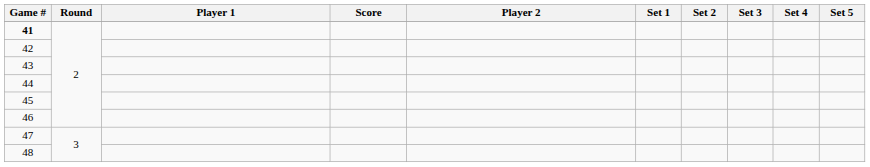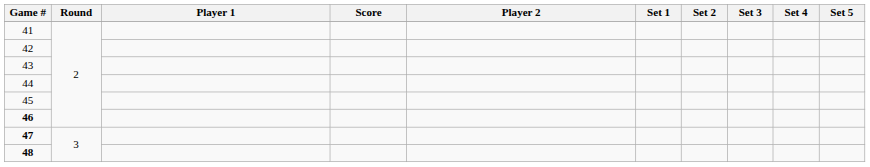 <table class="wikitable">
 <tr>
 <th width="2%">Game #</th>
 <th width="2%">Round</th>
 <th width="15%">Player 1</th>
 <th width="5%">Score</th>
 <th width="15%">Player 2</th>
 <th width="3%">Set 1</th>
 <th width="3%">Set 2</th>
 <th width="3%">Set 3</th>
 <th width="3%">Set 4</th>
 <th width="3%">Set 5</th>
 </tr>
 <tr style=text-align:center;>
 </tr>
 <tr style=text-align:center;>
-<td><strong>41</strong></td>
+<td>41</td>
 <td rowspan=6>2</td>
 <td></td>
 <td></td>
 <td></td>
 <td></td>
 <td></td>
 <td></td>
 <td></td>
 <td></td>
 </tr>
 <tr style=text-align:center;>
 <td>42</td>
 <td></td>
 <td></td>
 <td></td>
 <td></td>
 <td></td>
 <td></td>
 <td></td>
 <td></td>
 </tr>
 <tr style=text-align:center;>
 <td>43</td>
 <td></td>
 <td></td>
 <td></td>
 <td></td>
 <td></td>
 <td></td>
 <td></td>
 <td></td>
 </tr>
 <tr style=text-align:center;>
 <td>44</td>
 <td></td>
 <td></td>
 <td></td>
 <td></td>
 <td></td>
 <td></td>
 <td></td>
 <td></td>
 </tr>
 <tr style=text-align:center;>
 <td>45</td>
 <td></td>
 <td></td>
 <td></td>
 <td></td>
 <td></td>
 <td></td>
 <td></td>
 <td></td>
 </tr>
 <tr style=text-align:center;>
-<td>46</td>
+<td><strong>46</strong></td>
 <td></td>
 <td></td>
 <td></td>
 <td></td>
 <td></td>
 <td></td>
 <td></td>
 <td></td>
 </tr>
 <tr style=text-align:center;>
-<td>47</td>
+<td><strong>47</strong></td>
 <td rowspan=2>3</td>
 <td></td>
 <td></td>
 <td></td>
 <td></td>
 <td></td>
 <td></td>
 <td></td>
 <td></td>
 </tr>
 <tr style=text-align:center;>
-<td>48</td>
+<td><strong>48</strong></td>
 <td></td>
 <td></td>
 <td></td>
 <td></td>
 <td></td>
 <td></td>
 <td></td>
 <td></td>
 </tr>
 </table>
